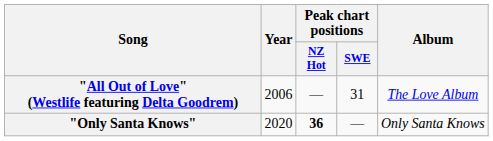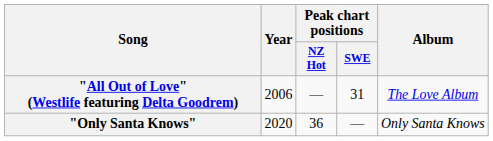 <table class="wikitable plainrowheaders" style="text-align:center;">
 <tr>
 <th scope="colw" rowspan="2" style="width:18em;">Song</th>
 <th scope="col" rowspan="2">Year</th>
 <th scope="col" colspan="2">Peak chart positions</th>
 <th scope="col" rowspan="2">Album</th>
 </tr>
 <tr>
 <th scope="col" style="width:3em;font-size:85%;"><a href='#'>NZ<br>Hot</a><br></th>
 <th scope="col" style="width:3em;font-size:85%;"><a href='#'>SWE</a><br></th>
 </tr>
 <tr>
 <th scope="row">"<a href='#'>All Out of Love</a>"<br><span>(<a href='#'>Westlife</a> featuring <a href='#'>Delta Goodrem</a>)</span></th>
 <td>2006</td>
 <td>—</td>
 <td>31</td>
 <td><em><a href='#'>The Love Album</a></em></td>
 </tr>
 <tr>
 <th scope="row">"Only Santa Knows"</th>
 <td>2020</td>
-<td><strong>36</strong></td>
+<td>36</td>
 <td>—</td>
 <td><em>Only Santa Knows</em></td>
 </tr>
 </table>
